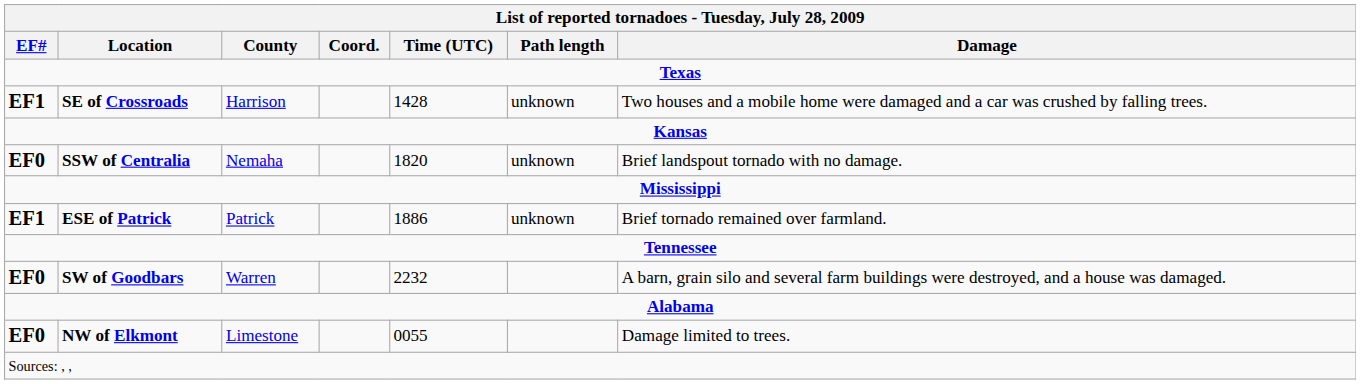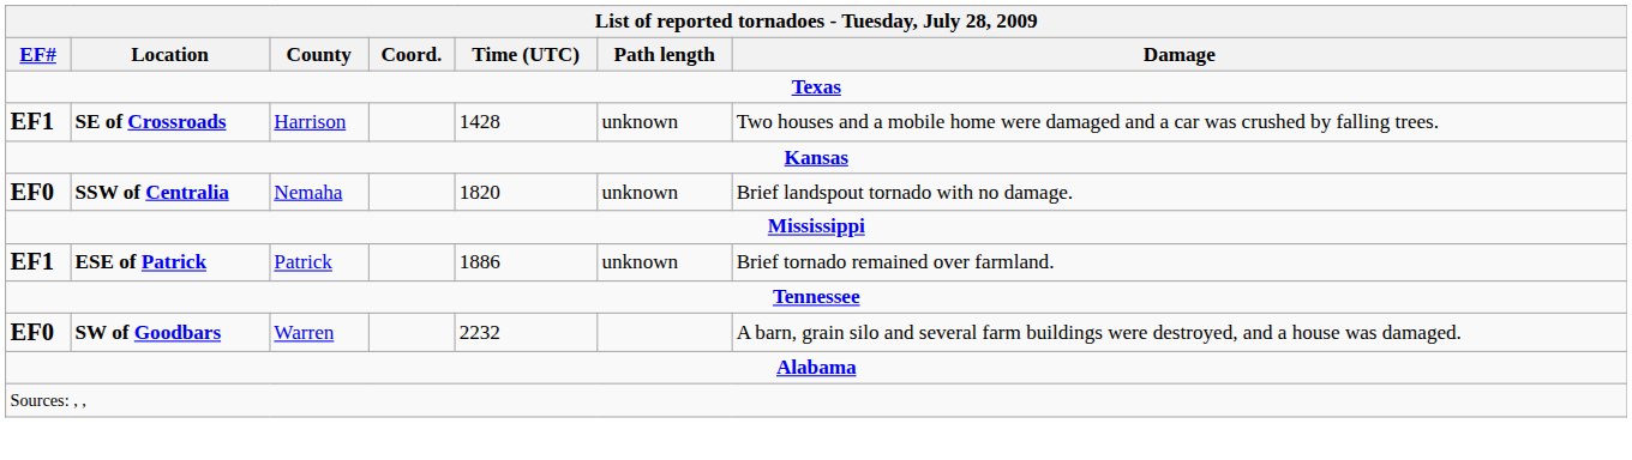 <table class="wikitable collapsible" style="width:100%;">
 <tr>
 <th colspan="7">List of reported tornadoes - Tuesday, July 28, 2009</th>
 </tr>
 <tr>
 <th><a href='#'>EF#</a></th>
 <th>Location</th>
 <th>County</th>
 <th>Coord.</th>
 <th>Time (UTC)</th>
 <th>Path length</th>
 <th>Damage</th>
 </tr>
 <tr>
 <td colspan="7" style="text-align:center;"><strong><a href='#'>Texas</a></strong></td>
 </tr>
 <tr>
 <td><big><strong>EF1</strong></big></td>
 <td><strong>SE of <a href='#'>Crossroads</a></strong></td>
 <td><a href='#'>Harrison</a></td>
 <td></td>
 <td>1428</td>
 <td>unknown</td>
 <td>Two houses and a mobile home were damaged and a car was crushed by falling trees.</td>
 </tr>
 <tr>
 <td colspan="7" style="text-align:center;"><strong><a href='#'>Kansas</a></strong></td>
 </tr>
 <tr>
 <td><big><strong>EF0</strong></big></td>
 <td><strong>SSW of <a href='#'>Centralia</a></strong></td>
 <td><a href='#'>Nemaha</a></td>
 <td></td>
 <td>1820</td>
 <td>unknown</td>
 <td>Brief landspout tornado with no damage.</td>
 </tr>
 <tr>
 <td colspan="7" style="text-align:center;"><strong><a href='#'>Mississippi</a></strong></td>
 </tr>
 <tr>
 <td><big><strong>EF1</strong></big></td>
 <td><strong>ESE of <a href='#'>Patrick</a></strong></td>
 <td><a href='#'>Patrick</a></td>
 <td></td>
 <td>1886</td>
 <td>unknown</td>
 <td>Brief tornado remained over farmland.</td>
 </tr>
 <tr>
 <td colspan="7" style="text-align:center;"><strong><a href='#'>Tennessee</a></strong></td>
 </tr>
 <tr>
 <td><big><strong>EF0</strong></big></td>
 <td><strong>SW of <a href='#'>Goodbars</a></strong></td>
 <td><a href='#'>Warren</a></td>
 <td></td>
 <td>2232</td>
 <td></td>
 <td>A barn, grain silo and several farm buildings were destroyed, and a house was damaged.</td>
 </tr>
 <tr>
 <td colspan="7" style="text-align:center;"><strong><a href='#'>Alabama</a></strong></td>
 </tr>
 <tr>
-<td><big><strong>EF0</strong></big></td>
-<td><strong>NW of <a href='#'>Elkmont</a></strong></td>
-<td><a href='#'>Limestone</a></td>
-<td></td>
-<td>0055</td>
-<td></td>
-<td>Damage limited to trees.</td>
-</tr>
-<tr>
 <td colspan="7"><small>Sources: , , </small></td>
 </tr>
 </table>
